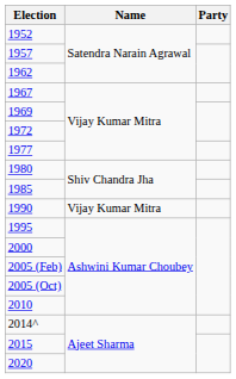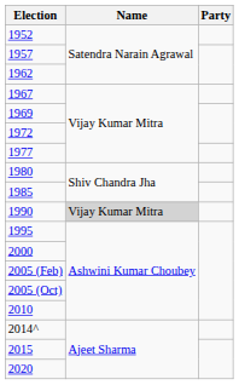 <table class="wikitable sortable">
 <tr>
 <th>Election</th>
 <th>Name</th>
 <th colspan="2">Party</th>
 </tr>
 <tr>
 <td><a href='#'>1952</a></td>
 <td rowspan="3">Satendra Narain Agrawal</td>
 <td></td>
 </tr>
 <tr>
 <td><a href='#'>1957</a></td>
 </tr>
 <tr>
 <td><a href='#'>1962</a></td>
 </tr>
 <tr>
 <td><a href='#'>1967</a></td>
 <td rowspan="4">Vijay Kumar Mitra</td>
 <td></td>
 </tr>
 <tr>
 <td><a href='#'>1969</a></td>
 </tr>
 <tr>
 <td><a href='#'>1972</a></td>
 </tr>
 <tr>
 <td><a href='#'>1977</a></td>
 <td></td>
 </tr>
 <tr>
 <td><a href='#'>1980</a></td>
 <td rowspan="2">Shiv Chandra Jha</td>
 <td></td>
 </tr>
 <tr>
 <td><a href='#'>1985</a></td>
 </tr>
 <tr>
 <td><a href='#'>1990</a></td>
-<td>Vijay Kumar Mitra</td>
+<td style="background: lightgrey;">Vijay Kumar Mitra</td>
 <td></td>
 </tr>
 <tr>
 <td><a href='#'>1995</a></td>
 <td rowspan="5"><a href='#'>Ashwini Kumar Choubey</a></td>
 </tr>
 <tr>
 <td><a href='#'>2000</a></td>
 </tr>
 <tr>
 <td><a href='#'>2005 (Feb)</a></td>
 </tr>
 <tr>
 <td><a href='#'>2005 (Oct)</a></td>
 </tr>
 <tr>
 <td><a href='#'>2010</a></td>
 </tr>
 <tr>
 <td>2014^</td>
 <td rowspan="3"><a href='#'>Ajeet Sharma</a></td>
 <td></td>
 </tr>
 <tr>
 <td><a href='#'>2015</a></td>
 </tr>
 <tr>
 <td><a href='#'>2020</a></td>
 </tr>
 </table>
